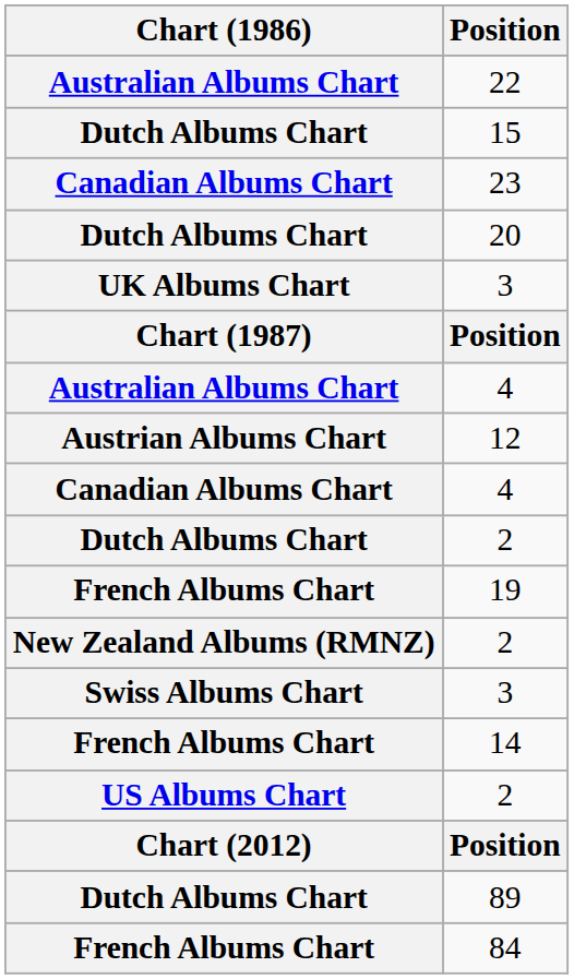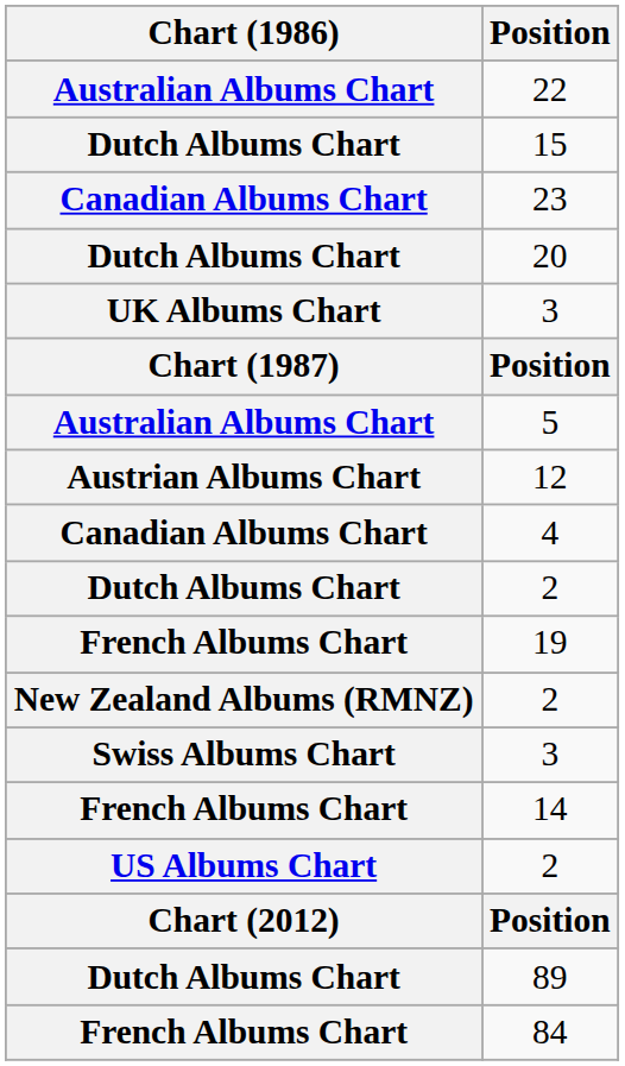 <table class="wikitable plainrowheaders" style="text-align:center">
 <tr>
 <th>Chart (1986)</th>
 <th>Position</th>
 </tr>
 <tr>
 <th scope="row"><a href='#'>Australian Albums Chart</a></th>
 <td>22</td>
 </tr>
 <tr>
 <th scope="row">Dutch Albums Chart</th>
 <td>15</td>
 </tr>
 <tr>
 <th scope="row"><a href='#'>Canadian Albums Chart</a></th>
 <td>23</td>
 </tr>
 <tr>
 <th scope="row">Dutch Albums Chart</th>
 <td>20</td>
 </tr>
 <tr>
 <th scope="row">UK Albums Chart</th>
 <td>3</td>
 </tr>
 <tr>
 <th>Chart (1987)</th>
 <th>Position</th>
 </tr>
 <tr>
 <th scope="row"><a href='#'>Australian Albums Chart</a></th>
-<td>4</td>
+<td>5</td>
 </tr>
 <tr>
 <th scope="row">Austrian Albums Chart</th>
 <td>12</td>
 </tr>
 <tr>
 <th scope="row">Canadian Albums Chart</th>
 <td>4</td>
 </tr>
 <tr>
 <th scope="row">Dutch Albums Chart</th>
 <td>2</td>
 </tr>
 <tr>
 <th scope="row">French Albums Chart</th>
 <td>19</td>
 </tr>
 <tr>
 <th scope="row">New Zealand Albums (RMNZ)</th>
 <td>2</td>
 </tr>
 <tr>
 <th scope="row">Swiss Albums Chart</th>
 <td>3</td>
 </tr>
 <tr>
 <th scope="row">French Albums Chart</th>
 <td>14</td>
 </tr>
 <tr>
 <th scope="row"><a href='#'>US Albums Chart</a></th>
 <td>2</td>
 </tr>
 <tr>
 <th scope="col">Chart (2012)</th>
 <th scope="col">Position</th>
 </tr>
 <tr>
 <th scope="row">Dutch Albums Chart</th>
 <td>89</td>
 </tr>
 <tr>
 <th scope="row">French Albums Chart</th>
 <td>84</td>
 </tr>
 </table>
